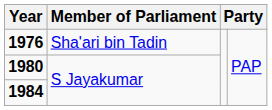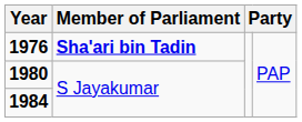 <table class="wikitable">
 <tr>
 <th>Year</th>
 <th>Member of Parliament</th>
 <th colspan="2">Party</th>
 </tr>
 <tr>
 <td><strong>1976</strong></td>
-<td><a href='#'>Sha'ari bin Tadin</a></td>
+<td><strong><a href='#'>Sha'ari bin Tadin</a></strong></td>
 <td rowspan="3"></td>
 <td rowspan="3"><a href='#'>PAP</a></td>
 </tr>
 <tr>
 <td><strong>1980</strong></td>
 <td rowspan="2"><a href='#'>S Jayakumar</a></td>
 </tr>
 <tr>
 <td><strong>1984</strong></td>
 </tr>
 </table>
